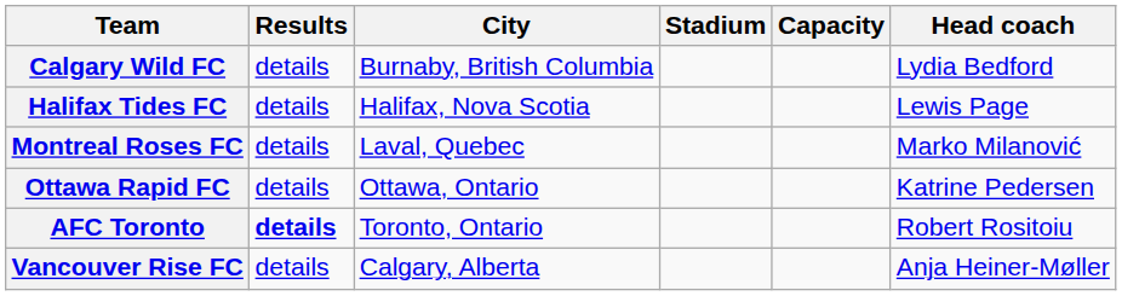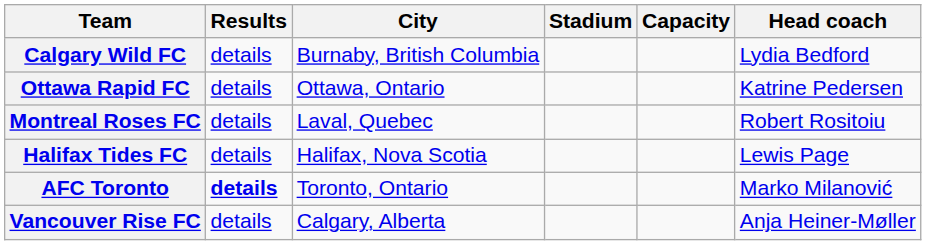 <table class="wikitable sortable" style="text-size:90%">
 <tr>
 <th scope="col">Team</th>
 <th>Results</th>
 <th scope="col">City</th>
 <th scope="col">Stadium</th>
 <th scope="col">Capacity</th>
 <th scope="col">Head coach</th>
 </tr>
 <tr>
 <th scope="row"><a href='#'>Calgary Wild FC</a></th>
 <td><a href='#'>details</a></td>
 <td><a href='#'>Burnaby, British Columbia</a></td>
 <td></td>
 <td></td>
 <td> <a href='#'>Lydia Bedford</a></td>
 </tr>
 <tr>
+<th><a href='#'>Ottawa Rapid FC</a></th>
+<td><a href='#'>details</a></td>
+<td><a href='#'>Ottawa, Ontario</a></td>
+<td></td>
+<td></td>
+<td> <a href='#'>Katrine Pedersen</a></td>
+</tr>
+<tr>
+<th><a href='#'>Montreal Roses FC</a></th>
+<td><a href='#'>details</a></td>
+<td><a href='#'>Laval, Quebec</a></td>
+<td></td>
+<td></td>
+<td> <a href='#'>Robert Rositoiu</a></td>
+</tr>
+<tr>
 <th><a href='#'>Halifax Tides FC</a></th>
 <td><a href='#'>details</a></td>
 <td><a href='#'>Halifax, Nova Scotia</a></td>
 <td></td>
 <td></td>
 <td> <a href='#'>Lewis Page</a></td>
 </tr>
 <tr>
-<th><a href='#'>Montreal Roses FC</a></th>
-<td><a href='#'>details</a></td>
-<td><a href='#'>Laval, Quebec</a></td>
-<td></td>
-<td></td>
-<td> <a href='#'>Marko Milanović</a></td>
-</tr>
-<tr>
-<th><a href='#'>Ottawa Rapid FC</a></th>
-<td><a href='#'>details</a></td>
-<td><a href='#'>Ottawa, Ontario</a></td>
-<td></td>
-<td></td>
-<td> <a href='#'>Katrine Pedersen</a></td>
-</tr>
-<tr>
 <th scope="row"><a href='#'>AFC Toronto</a></th>
 <td><strong><a href='#'>details</a></strong></td>
 <td><a href='#'>Toronto, Ontario</a></td>
 <td></td>
 <td></td>
-<td> <a href='#'>Robert Rositoiu</a></td>
+<td> <a href='#'>Marko Milanović</a></td>
 </tr>
 <tr>
 <th scope="row"><a href='#'>Vancouver Rise FC</a></th>
 <td><a href='#'>details</a></td>
 <td><a href='#'>Calgary, Alberta</a></td>
 <td></td>
 <td></td>
 <td> <a href='#'>Anja Heiner-Møller</a></td>
 </tr>
 </table>
